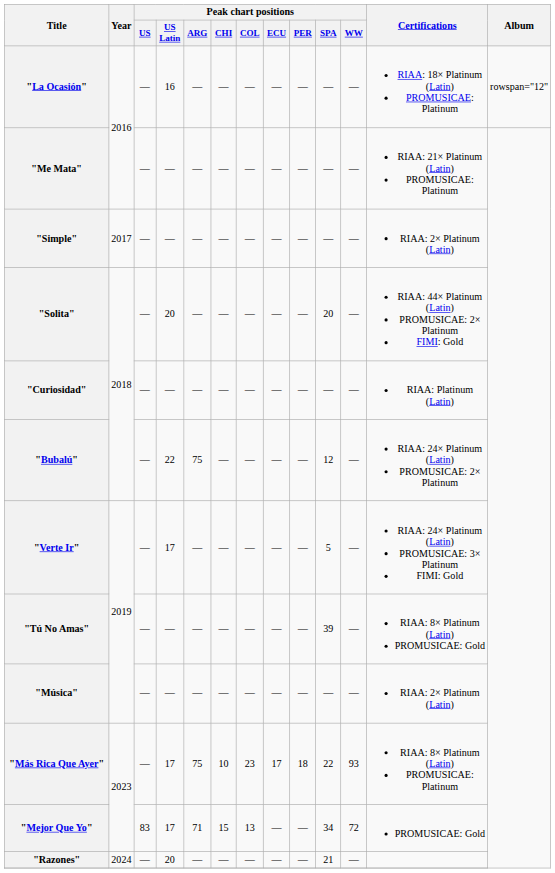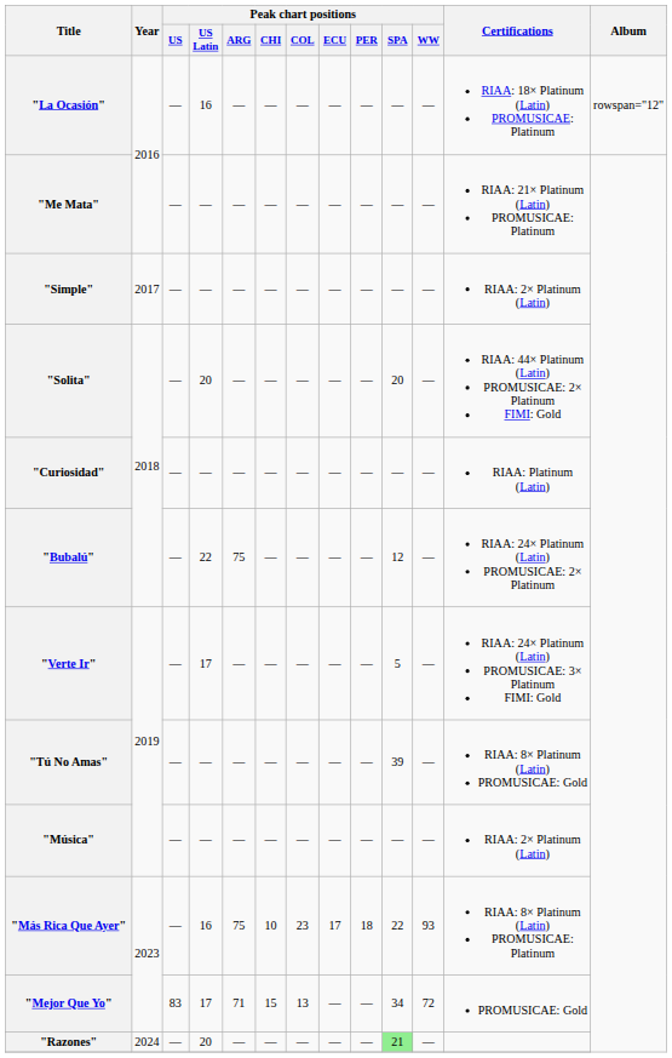 <table class="wikitable plainrowheaders" style="text-align:center;">
 <tr>
 <th scope="col" rowspan="2" style="width:16em;">Title</th>
 <th scope="col" rowspan="2">Year</th>
 <th scope="col" colspan="9">Peak chart positions</th>
 <th scope="col" rowspan="2" style="width:15em;"><a href='#'>Certifications</a></th>
 <th scope="col" rowspan="2">Album</th>
 </tr>
 <tr>
 <th scope="col" style="width:3em;font-size:90%;"><a href='#'>US</a><br></th>
 <th scope="col" style="width:3em;font-size:90%;"><a href='#'>US<br>Latin</a><br></th>
 <th scope="col" style="width:3em;font-size:90%;"><a href='#'>ARG</a><br></th>
 <th scope="col" style="width:3em;font-size:90%;"><a href='#'>CHI</a><br></th>
 <th scope="col" style="width:3em;font-size:90%;"><a href='#'>COL</a><br></th>
 <th scope="col" style="width:3em;font-size:90%;"><a href='#'>ECU</a><br></th>
 <th scope="col" style="width:3em;font-size:90%;"><a href='#'>PER</a><br></th>
 <th scope="col" style="width:3em;font-size:90%;"><a href='#'>SPA</a><br></th>
 <th scope="col" style="width:3em;font-size:90%;"><a href='#'>WW</a><br></th>
 </tr>
 <tr>
 <th scope="row">"<a href='#'>La Ocasión</a>"<br></th>
 <td rowspan="2">2016</td>
 <td>—</td>
 <td>16</td>
 <td>—</td>
 <td>—</td>
 <td>—</td>
 <td>—</td>
 <td>—</td>
 <td>—</td>
 <td>—</td>
 <td><br><ul><li><a href='#'>RIAA</a>: 18× Platinum <span>(<a href='#'>Latin</a>)</span></li><li><a href='#'>PROMUSICAE</a>: Platinum</li></ul></td>
 <td>rowspan="12" </td>
 </tr>
 <tr>
 <th scope="row">"Me Mata"<br></th>
 <td>—</td>
 <td>—</td>
 <td>—</td>
 <td>—</td>
 <td>—</td>
 <td>—</td>
 <td>—</td>
 <td>—</td>
 <td>—</td>
 <td><br><ul><li>RIAA: 21× Platinum <span>(<a href='#'>Latin</a>)</span></li><li>PROMUSICAE: Platinum</li></ul></td>
 </tr>
 <tr>
 <th scope="row">"Simple"<br></th>
 <td>2017</td>
 <td>—</td>
 <td>—</td>
 <td>—</td>
 <td>—</td>
 <td>—</td>
 <td>—</td>
 <td>—</td>
 <td>—</td>
 <td>—</td>
 <td><br><ul><li>RIAA: 2× Platinum <span>(<a href='#'>Latin</a>)</span></li></ul></td>
 </tr>
 <tr>
 <th scope="row">"Solita"<br></th>
 <td rowspan="3">2018</td>
 <td>—</td>
 <td>20</td>
 <td>—</td>
 <td>—</td>
 <td>—</td>
 <td>—</td>
 <td>—</td>
 <td>20</td>
 <td>—</td>
 <td><br><ul><li>RIAA: 44× Platinum <span>(<a href='#'>Latin</a>)</span></li><li>PROMUSICAE: 2× Platinum</li><li><a href='#'>FIMI</a>: Gold</li></ul></td>
 </tr>
 <tr>
 <th scope="row">"Curiosidad"<br></th>
 <td>—</td>
 <td>—</td>
 <td>—</td>
 <td>—</td>
 <td>—</td>
 <td>—</td>
 <td>—</td>
 <td>—</td>
 <td>—</td>
 <td><br><ul><li>RIAA: Platinum <span>(<a href='#'>Latin</a>)</span></li></ul></td>
 </tr>
 <tr>
 <th scope="row">"<a href='#'>Bubalú</a>"<br></th>
 <td>—</td>
 <td>22</td>
 <td>75</td>
 <td>—</td>
 <td>—</td>
 <td>—</td>
 <td>—</td>
 <td>12</td>
 <td>—</td>
 <td><br><ul><li>RIAA: 24× Platinum <span>(<a href='#'>Latin</a>)</span></li><li>PROMUSICAE: 2× Platinum</li></ul></td>
 </tr>
 <tr>
 <th scope="row">"<a href='#'>Verte Ir</a>"<br></th>
 <td rowspan="3">2019</td>
 <td>—</td>
 <td>17</td>
 <td>—</td>
 <td>—</td>
 <td>—</td>
 <td>—</td>
 <td>—</td>
 <td>5</td>
 <td>—</td>
 <td><br><ul><li>RIAA: 24× Platinum <span>(<a href='#'>Latin</a>)</span></li><li>PROMUSICAE: 3× Platinum</li><li>FIMI: Gold</li></ul></td>
 </tr>
 <tr>
 <th scope="row">"Tú No Amas"<br></th>
 <td>—</td>
 <td>—</td>
 <td>—</td>
 <td>—</td>
 <td>—</td>
 <td>—</td>
 <td>—</td>
 <td>39</td>
 <td>—</td>
 <td><br><ul><li>RIAA: 8× Platinum <span>(<a href='#'>Latin</a>)</span></li><li>PROMUSICAE: Gold</li></ul></td>
 </tr>
 <tr>
 <th scope="row">"Música"<br></th>
 <td>—</td>
 <td>—</td>
 <td>—</td>
 <td>—</td>
 <td>—</td>
 <td>—</td>
 <td>—</td>
 <td>—</td>
 <td>—</td>
 <td><br><ul><li>RIAA: 2× Platinum <span>(<a href='#'>Latin</a>)</span></li></ul></td>
 </tr>
 <tr>
 <th scope="row">"<a href='#'>Más Rica Que Ayer</a>"<br></th>
 <td rowspan="2">2023</td>
 <td>—</td>
-<td>17</td>
+<td>16</td>
 <td>75</td>
 <td>10</td>
 <td>23</td>
 <td>17</td>
 <td>18</td>
 <td>22</td>
 <td>93</td>
 <td><br><ul><li>RIAA: 8× Platinum <span>(<a href='#'>Latin</a>)</span></li><li>PROMUSICAE: Platinum</li></ul></td>
 </tr>
 <tr>
 <th scope="row">"<a href='#'>Mejor Que Yo</a>"<br></th>
 <td>83</td>
 <td>17</td>
 <td>71</td>
 <td>15</td>
 <td>13</td>
 <td>—</td>
 <td>—</td>
 <td>34</td>
 <td>72</td>
 <td><br><ul><li>PROMUSICAE: Gold</li></ul></td>
 </tr>
 <tr>
 <th scope="row">"Razones"<br></th>
 <td>2024</td>
 <td>—</td>
 <td>20</td>
 <td>—</td>
 <td>—</td>
 <td>—</td>
 <td>—</td>
 <td>—</td>
-<td>21</td>
+<td style="background: lightgreen;">21</td>
 <td>—</td>
 <td></td>
 </tr>
 <tr>
 </tr>
 </table>
